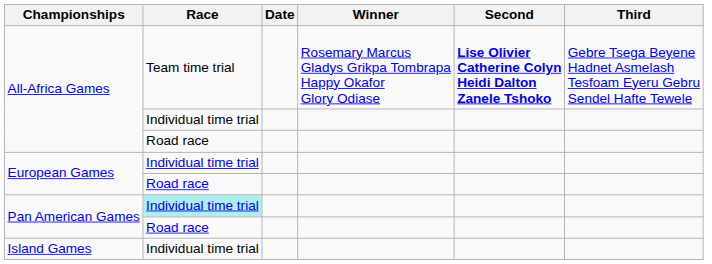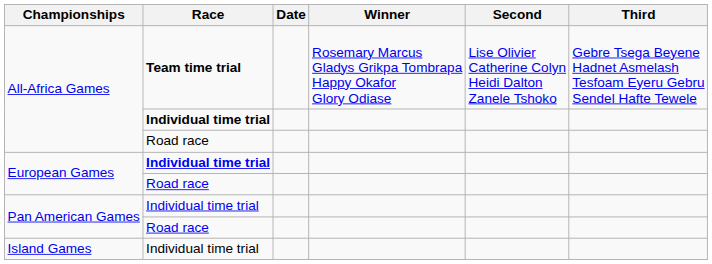 <table class="wikitable sortable">
 <tr>
 <th>Championships</th>
 <th>Race</th>
 <th>Date</th>
 <th>Winner</th>
 <th>Second</th>
 <th>Third</th>
 </tr>
 <tr>
 <td rowspan="3"><a href='#'>All-Africa Games</a></td>
-<td>Team time trial</td>
+<td><strong>Team time trial</strong></td>
 <td></td>
 <td><br><a href='#'>Rosemary Marcus</a><br><a href='#'>Gladys Grikpa Tombrapa</a><br><a href='#'>Happy Okafor</a><br><a href='#'>Glory Odiase</a></td>
-<td><strong><br><a href='#'>Lise Olivier</a><br><a href='#'>Catherine Colyn</a><br><a href='#'>Heidi Dalton</a><br><a href='#'>Zanele Tshoko</a></strong></td>
+<td><br><a href='#'>Lise Olivier</a><br><a href='#'>Catherine Colyn</a><br><a href='#'>Heidi Dalton</a><br><a href='#'>Zanele Tshoko</a></td>
 <td><br><a href='#'>Gebre Tsega Beyene</a><br><a href='#'>Hadnet Asmelash</a><br><a href='#'>Tesfoam Eyeru Gebru</a><br><a href='#'>Sendel Hafte Tewele</a></td>
 </tr>
 <tr>
-<td>Individual time trial</td>
+<td><strong>Individual time trial</strong></td>
 <td></td>
 <td></td>
 <td></td>
 <td></td>
 </tr>
 <tr>
 <td>Road race</td>
 <td></td>
 <td></td>
 <td></td>
 <td></td>
 </tr>
 <tr>
 <td rowspan="2"><a href='#'>European Games</a></td>
-<td><a href='#'>Individual time trial</a></td>
+<td><strong><a href='#'>Individual time trial</a></strong></td>
 <td></td>
 <td></td>
 <td></td>
 <td></td>
 </tr>
 <tr>
 <td><a href='#'>Road race</a></td>
 <td></td>
 <td></td>
 <td></td>
 <td></td>
 </tr>
 <tr>
 <td rowspan="2"><a href='#'>Pan American Games</a></td>
-<td style="background: paleturquoise;"><a href='#'>Individual time trial</a></td>
+<td><a href='#'>Individual time trial</a></td>
 <td></td>
 <td></td>
 <td></td>
 <td></td>
 </tr>
 <tr>
 <td><a href='#'>Road race</a></td>
 <td></td>
 <td></td>
 <td></td>
 <td></td>
 </tr>
 <tr>
 <td rowspan="2"><a href='#'>Island Games</a></td>
 <td>Individual time trial</td>
 <td></td>
 <td></td>
 <td></td>
 <td></td>
 </tr>
 </table>
